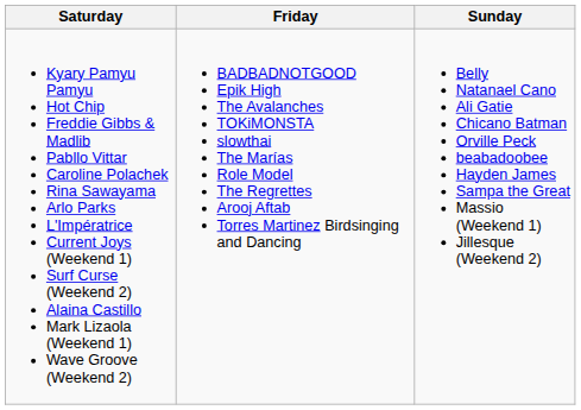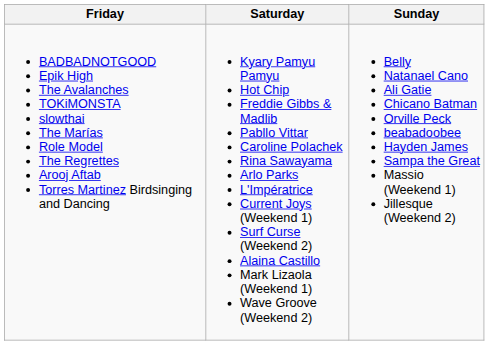 <table class="wikitable">
 <tr>
+<th>Friday</th>
 <th>Saturday</th>
-<th>Friday</th>
 <th>Sunday</th>
 </tr>
 <tr valign="top">
+<td><br><ul><li><a href='#'>BADBADNOTGOOD</a></li><li><a href='#'>Epik High</a></li><li><a href='#'>The Avalanches</a></li><li><a href='#'>TOKiMONSTA</a></li><li><a href='#'>slowthai</a></li><li><a href='#'>The Marías</a></li><li><a href='#'>Role Model</a></li><li><a href='#'>The Regrettes</a></li><li><a href='#'>Arooj Aftab</a></li><li><a href='#'>Torres Martinez</a> Birdsinging and Dancing</li></ul></td>
 <td><br><ul><li><a href='#'>Kyary Pamyu Pamyu</a></li><li><a href='#'>Hot Chip</a></li><li><a href='#'>Freddie Gibbs & Madlib</a></li><li><a href='#'>Pabllo Vittar</a></li><li><a href='#'>Caroline Polachek</a></li><li><a href='#'>Rina Sawayama</a></li><li><a href='#'>Arlo Parks</a></li><li><a href='#'>L'Impératrice</a></li><li><a href='#'>Current Joys</a> (Weekend 1)</li><li><a href='#'>Surf Curse</a> (Weekend 2)</li><li><a href='#'>Alaina Castillo</a></li><li>Mark Lizaola (Weekend 1)</li><li>Wave Groove (Weekend 2)</li></ul></td>
-<td><br><ul><li><a href='#'>BADBADNOTGOOD</a></li><li><a href='#'>Epik High</a></li><li><a href='#'>The Avalanches</a></li><li><a href='#'>TOKiMONSTA</a></li><li><a href='#'>slowthai</a></li><li><a href='#'>The Marías</a></li><li><a href='#'>Role Model</a></li><li><a href='#'>The Regrettes</a></li><li><a href='#'>Arooj Aftab</a></li><li><a href='#'>Torres Martinez</a> Birdsinging and Dancing</li></ul></td>
 <td><br><ul><li><a href='#'>Belly</a></li><li><a href='#'>Natanael Cano</a></li><li><a href='#'>Ali Gatie</a></li><li><a href='#'>Chicano Batman</a></li><li><a href='#'>Orville Peck</a></li><li><a href='#'>beabadoobee</a></li><li><a href='#'>Hayden James</a></li><li><a href='#'>Sampa the Great</a></li><li>Massio (Weekend 1)</li><li>Jillesque (Weekend 2)</li></ul></td>
 </tr>
 </table>
